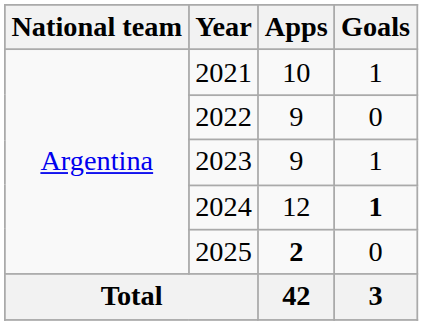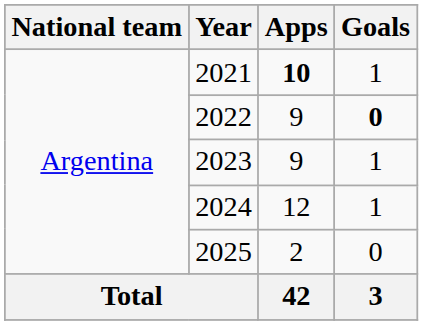 <table class="wikitable" style="text-align:center">
 <tr>
 <th>National team</th>
 <th>Year</th>
 <th>Apps</th>
 <th>Goals</th>
 </tr>
 <tr>
 <td rowspan="5"><a href='#'>Argentina</a></td>
 <td>2021</td>
-<td>10</td>
+<td><strong>10</strong></td>
 <td>1</td>
 </tr>
 <tr>
 <td>2022</td>
 <td>9</td>
-<td>0</td>
+<td><strong>0</strong></td>
 </tr>
 <tr>
 <td>2023</td>
 <td>9</td>
 <td>1</td>
 </tr>
 <tr>
 <td>2024</td>
 <td>12</td>
-<td><strong>1</strong></td>
+<td>1</td>
 </tr>
 <tr>
 <td>2025</td>
-<td><strong>2</strong></td>
+<td>2</td>
 <td>0</td>
 </tr>
 <tr>
 <th colspan="2">Total</th>
 <th>42</th>
 <th>3</th>
 </tr>
 </table>
